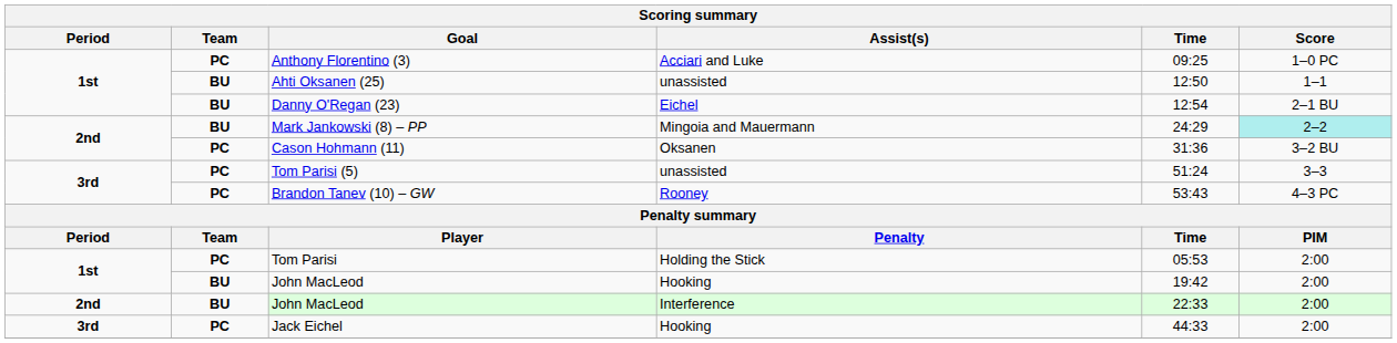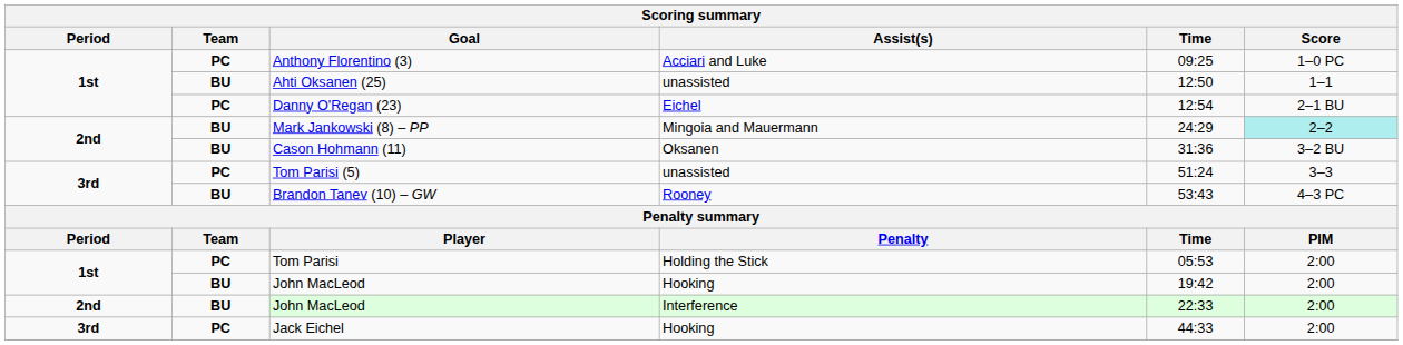 <table style="width:100%;" class="wikitable">
 <tr>
 <th colspan=6>Scoring summary</th>
 </tr>
 <tr>
 <th style="width:12%;">Period</th>
 <th style="width:7%;">Team</th>
 <th style="width:28%;">Goal</th>
 <th style="width:35%;">Assist(s)</th>
 <th style="width:7%;">Time</th>
 <th style="width:11%;">Score</th>
 </tr>
 <tr>
 <td style="text-align:center;" rowspan="3"><strong>1st</strong></td>
 <td align=center><strong>PC</strong></td>
 <td><a href='#'>Anthony Florentino</a> (3)</td>
 <td><a href='#'>Acciari</a> and Luke</td>
 <td align=center>09:25</td>
 <td align=center>1–0 PC</td>
 </tr>
 <tr>
 <td align=center><strong>BU</strong></td>
 <td><a href='#'>Ahti Oksanen</a> (25)</td>
 <td>unassisted</td>
 <td align=center>12:50</td>
 <td align=center>1–1</td>
 </tr>
 <tr>
-<td align=center><strong>BU</strong></td>
+<td align=center><strong>PC</strong></td>
 <td><a href='#'>Danny O'Regan</a> (23)</td>
 <td><a href='#'>Eichel</a></td>
 <td align=center>12:54</td>
 <td align=center>2–1 BU</td>
 </tr>
 <tr>
 <td style="text-align:center;" rowspan="2"><strong>2nd</strong></td>
 <td align=center><strong>BU</strong></td>
 <td><a href='#'>Mark Jankowski</a> (8) – <em>PP</em></td>
 <td>Mingoia and Mauermann</td>
 <td align=center>24:29</td>
 <td align=center style="background: paleturquoise;">2–2</td>
 </tr>
 <tr>
-<td align=center><strong>PC</strong></td>
+<td align=center><strong>BU</strong></td>
 <td><a href='#'>Cason Hohmann</a> (11)</td>
 <td>Oksanen</td>
 <td align=center>31:36</td>
 <td align=center>3–2 BU</td>
 </tr>
 <tr>
 <td style="text-align:center;" rowspan="2"><strong>3rd</strong></td>
 <td align=center><strong>PC</strong></td>
 <td><a href='#'>Tom Parisi</a> (5)</td>
 <td>unassisted</td>
 <td align=center>51:24</td>
 <td align=center>3–3</td>
 </tr>
 <tr>
-<td align=center><strong>PC</strong></td>
+<td align=center><strong>BU</strong></td>
 <td><a href='#'>Brandon Tanev</a> (10) – <em>GW</em></td>
 <td><a href='#'>Rooney</a></td>
 <td align=center>53:43</td>
 <td align=center>4–3 PC</td>
 </tr>
 <tr>
 <th colspan=6>Penalty summary</th>
 </tr>
 <tr>
 <th style="width:12%;">Period</th>
 <th style="width:7%;">Team</th>
 <th style="width:28%;">Player</th>
 <th style="width:35%;"><a href='#'>Penalty</a></th>
 <th style="width:7%;">Time</th>
 <th style="width:11%;">PIM</th>
 </tr>
 <tr>
 <td style="text-align:center;" rowspan="2"><strong>1st</strong></td>
 <td align=center><strong>PC</strong></td>
 <td>Tom Parisi</td>
 <td>Holding the Stick</td>
 <td align=center>05:53</td>
 <td align=center>2:00</td>
 </tr>
 <tr>
 <td align=center><strong>BU</strong></td>
 <td>John MacLeod</td>
 <td>Hooking</td>
 <td align=center>19:42</td>
 <td align=center>2:00</td>
 </tr>
 <tr>
 <td style="text-align:center;" rowspan="1"><strong>2nd</strong></td>
 <td align=center><strong>BU</strong></td>
 <td bgcolor=ddffdd>John MacLeod</td>
 <td bgcolor=ddffdd>Interference</td>
 <td align=center bgcolor=ddffdd>22:33</td>
 <td align=center bgcolor=ddffdd>2:00</td>
 </tr>
 <tr>
 <td style="text-align:center;" rowspan="1"><strong>3rd</strong></td>
 <td align=center><strong>PC</strong></td>
 <td>Jack Eichel</td>
 <td>Hooking</td>
 <td align=center>44:33</td>
 <td align=center>2:00</td>
 </tr>
 <tr>
 </tr>
 </table>
